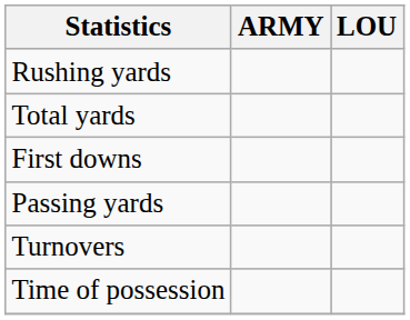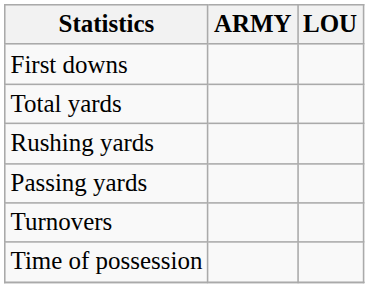 <table class="wikitable">
 <tr>
 <th>Statistics</th>
 <th>ARMY</th>
 <th>LOU</th>
 </tr>
 <tr>
-<td>Rushing yards</td>
+<td>First downs</td>
 <td></td>
 <td></td>
 </tr>
 <tr>
 <td>Total yards</td>
 <td></td>
 <td></td>
 </tr>
 <tr>
-<td>First downs</td>
+<td>Rushing yards</td>
 <td></td>
 <td></td>
 </tr>
 <tr>
 <td>Passing yards</td>
 <td></td>
 <td></td>
 </tr>
 <tr>
 <td>Turnovers</td>
 <td></td>
 <td></td>
 </tr>
 <tr>
 <td>Time of possession</td>
 <td></td>
 <td></td>
 </tr>
 <tr>
 </tr>
 </table>
